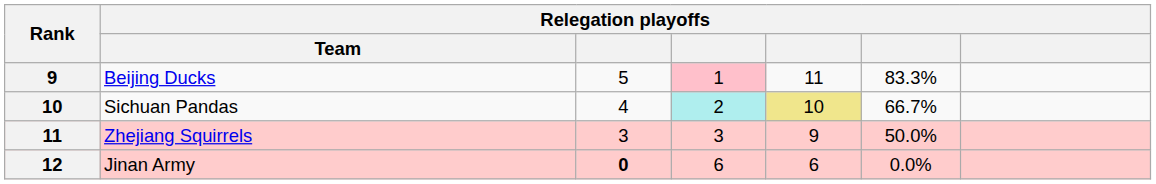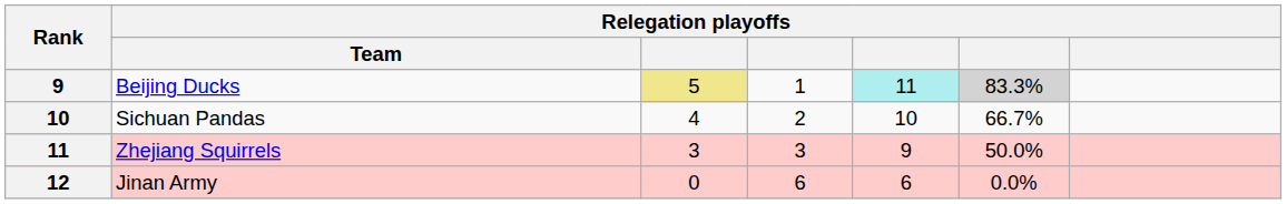 <table class="wikitable"  style="width:75%; font-size:95%;">
 <tr>
 <th style="width:5%;" rowspan="2">Rank</th>
 <th colspan="6" style="text-align:center;">Relegation playoffs</th>
 </tr>
 <tr style="text-align:center;">
 <th style="width:25%;">Team</th>
 <th style="width:5%;"></th>
 <th style="width:5%;"></th>
 <th style="width:5%;"></th>
 <th style="width:5%;"></th>
 <th style="width:10%;"></th>
 </tr>
 <tr style="text-align:center;">
 <th>9</th>
 <td style="text-align:left;"><a href='#'>Beijing Ducks</a></td>
-<td>5</td>
-<td style="background: pink;">1</td>
-<td>11</td>
-<td>83.3%</td>
+<td style="background: khaki;">5</td>
+<td>1</td>
+<td style="background: paleturquoise;">11</td>
+<td style="background: lightgrey;">83.3%</td>
 <td></td>
 </tr>
 <tr style="text-align:center;">
 <th>10</th>
 <td style="text-align:left;">Sichuan Pandas</td>
 <td>4</td>
-<td style="background: paleturquoise;">2</td>
-<td style="background: khaki;">10</td>
+<td>2</td>
+<td>10</td>
 <td>66.7%</td>
 <td></td>
 </tr>
 <tr style="text-align:center; background:#fcc;">
 <th>11</th>
 <td style="text-align:left;"><a href='#'>Zhejiang Squirrels</a></td>
 <td>3</td>
 <td>3</td>
 <td>9</td>
 <td>50.0%</td>
 <td></td>
 </tr>
 <tr style="text-align:center; background:#fcc;">
 <th>12</th>
 <td style="text-align:left;">Jinan Army</td>
-<td><strong>0</strong></td>
+<td>0</td>
 <td>6</td>
 <td>6</td>
 <td>0.0%</td>
 <td></td>
 </tr>
 </table>
